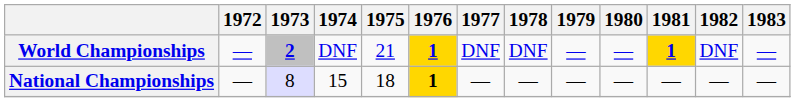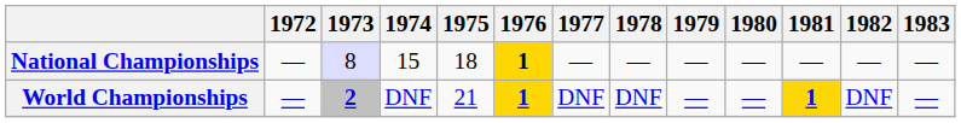 <table class="wikitable plainrowheaders">
 <tr>
 <th scope="col"></th>
 <th scope="col">1972</th>
 <th scope="col">1973</th>
 <th scope="col">1974</th>
 <th scope="col">1975</th>
 <th scope="col">1976</th>
 <th scope="col">1977</th>
 <th scope="col">1978</th>
 <th scope="col">1979</th>
 <th scope="col">1980</th>
 <th scope="col">1981</th>
 <th scope="col">1982</th>
 <th scope="col">1983</th>
 </tr>
 <tr style="text-align:center;">
+<th scope="row"> <a href='#'>National Championships</a></th>
+<td style="text-align:center;">—</td>
+<td style="text-align:center; background:#ddf;">8</td>
+<td style="text-align:center;">15</td>
+<td style="text-align:center;">18</td>
+<td style="text-align:center; background:gold;"><strong>1</strong></td>
+<td style="text-align:center;">—</td>
+<td style="text-align:center;">—</td>
+<td style="text-align:center;">—</td>
+<td style="text-align:center;">—</td>
+<td style="text-align:center;">—</td>
+<td style="text-align:center;">—</td>
+<td style="text-align:center;">—</td>
+</tr>
+<tr style="text-align:center;">
 <th scope="row"> <a href='#'>World Championships</a></th>
 <td style="text-align:center;"><a href='#'>—</a></td>
 <td style="background:silver;"><a href='#'><strong>2</strong></a></td>
 <td style="text-align:center;"><a href='#'>DNF</a></td>
 <td style="text-align:center;"><a href='#'>21</a></td>
 <td style="background:gold;"><a href='#'><strong>1</strong></a></td>
 <td style="text-align:center;"><a href='#'>DNF</a></td>
 <td style="text-align:center;"><a href='#'>DNF</a></td>
 <td style="text-align:center;"><a href='#'>—</a></td>
 <td style="text-align:center;"><a href='#'>—</a></td>
 <td style="background:gold;"><a href='#'><strong>1</strong></a></td>
 <td style="text-align:center;"><a href='#'>DNF</a></td>
 <td style="text-align:center;"><a href='#'>—</a></td>
 </tr>
 <tr style="text-align:center;">
-<th scope="row"> <a href='#'>National Championships</a></th>
-<td style="text-align:center;">—</td>
-<td style="text-align:center; background:#ddf;">8</td>
-<td style="text-align:center;">15</td>
-<td style="text-align:center;">18</td>
-<td style="text-align:center; background:gold;"><strong>1</strong></td>
-<td style="text-align:center;">—</td>
-<td style="text-align:center;">—</td>
-<td style="text-align:center;">—</td>
-<td style="text-align:center;">—</td>
-<td style="text-align:center;">—</td>
-<td style="text-align:center;">—</td>
-<td style="text-align:center;">—</td>
-</tr>
-<tr style="text-align:center;">
 </tr>
 </table>
